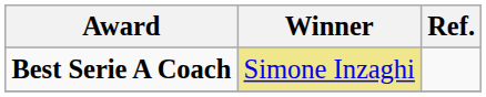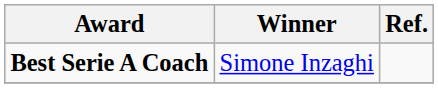 <table class="wikitable">
 <tr>
 <th>Award</th>
 <th>Winner</th>
 <th>Ref.</th>
 </tr>
 <tr>
 <td><strong>Best Serie A Coach</strong></td>
-<td style="background: khaki;"> <a href='#'>Simone Inzaghi</a></td>
+<td> <a href='#'>Simone Inzaghi</a></td>
 <td></td>
 </tr>
 <tr>
 </tr>
 </table>
